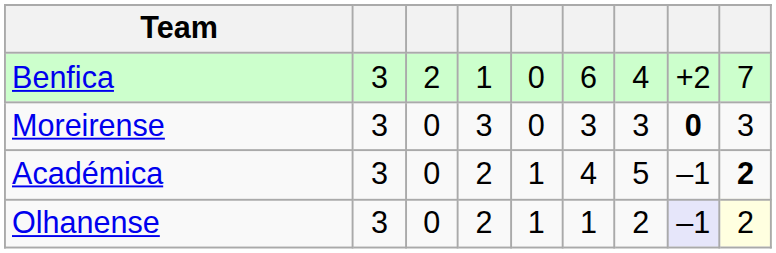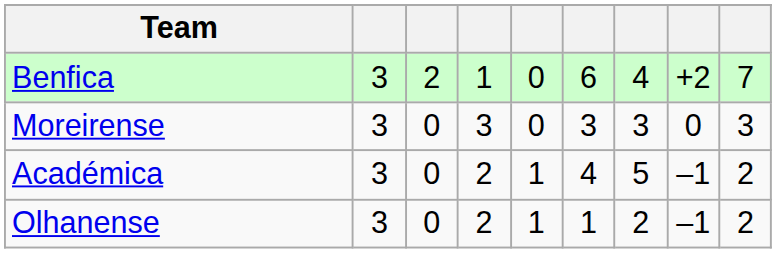 <table class="wikitable" style="text-align: center;">
 <tr>
 </tr>
 <tr>
 <th width=175>Team</th>
 <th width=20></th>
 <th width=20></th>
 <th width=20></th>
 <th width=20></th>
 <th width=20></th>
 <th width=20></th>
 <th width=20></th>
 <th width=20></th>
 </tr>
 <tr bgcolor=#ccffcc>
 <td align=left><a href='#'>Benfica</a></td>
 <td>3</td>
 <td>2</td>
 <td>1</td>
 <td>0</td>
 <td>6</td>
 <td>4</td>
 <td>+2</td>
 <td>7</td>
 </tr>
 <tr>
 <td align=left><a href='#'>Moreirense</a></td>
 <td>3</td>
 <td>0</td>
 <td>3</td>
 <td>0</td>
 <td>3</td>
 <td>3</td>
-<td><strong>0</strong></td>
+<td>0</td>
 <td>3</td>
 </tr>
 <tr>
 <td align=left><a href='#'>Académica</a></td>
 <td>3</td>
 <td>0</td>
 <td>2</td>
 <td>1</td>
 <td>4</td>
 <td>5</td>
 <td>–1</td>
-<td><strong>2</strong></td>
+<td>2</td>
 </tr>
 <tr>
 <td align=left><a href='#'>Olhanense</a></td>
 <td>3</td>
 <td>0</td>
 <td>2</td>
 <td>1</td>
 <td>1</td>
 <td>2</td>
-<td style="background: lavender;">–1</td>
-<td style="background: lightyellow;">2</td>
+<td>–1</td>
+<td>2</td>
 </tr>
 </table>
